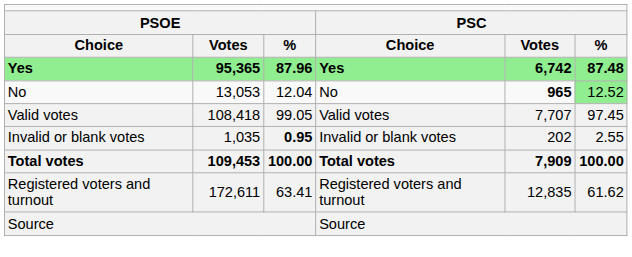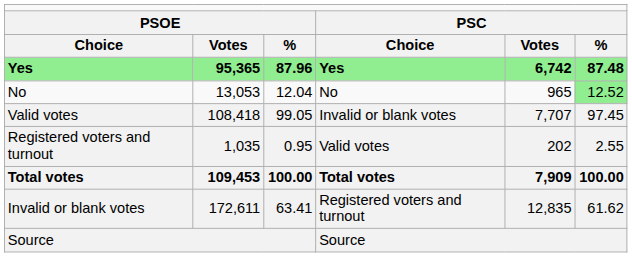 <table class="wikitable" style="text-align:right;">
 <tr>
 <td colspan="6" align="center"></td>
 </tr>
 <tr>
 <th colspan="3">PSOE</th>
 <th colspan="3">PSC</th>
 </tr>
 <tr>
 <th style="width:200px;">Choice</th>
 <th style="width:70px;">Votes</th>
 <th style="width:50px;">%</th>
 <th style="width:200px;">Choice</th>
 <th style="width:70px;">Votes</th>
 <th style="width:50px;">%</th>
 </tr>
 <tr style="background:lightgreen;">
 <td align="left"> <strong>Yes</strong></td>
 <td><strong>95,365</strong></td>
 <td><strong>87.96</strong></td>
 <td align="left"> <strong>Yes</strong></td>
 <td><strong>6,742</strong></td>
 <td><strong>87.48</strong></td>
 </tr>
 <tr>
 <td align="left">No</td>
 <td>13,053</td>
 <td>12.04</td>
 <td align="left">No</td>
-<td><strong>965</strong></td>
+<td>965</td>
 <td style="background: lightgreen;">12.52</td>
 </tr>
 <tr style="background-color:#F2F2F2">
 <td align="left">Valid votes</td>
 <td>108,418</td>
 <td>99.05</td>
-<td align="left">Valid votes</td>
+<td align="left">Invalid or blank votes</td>
 <td>7,707</td>
 <td>97.45</td>
 </tr>
 <tr style="background-color:#F2F2F2">
-<td align="left">Invalid or blank votes</td>
+<td align="left">Registered voters and turnout</td>
 <td>1,035</td>
-<td><strong>0.95</strong></td>
-<td align="left">Invalid or blank votes</td>
+<td>0.95</td>
+<td align="left">Valid votes</td>
 <td>202</td>
 <td>2.55</td>
 </tr>
 <tr style="background-color:#F2F2F2">
 <td align="left"><strong>Total votes</strong></td>
 <td><strong>109,453</strong></td>
 <td><strong>100.00</strong></td>
 <td align="left"><strong>Total votes</strong></td>
 <td><strong>7,909</strong></td>
 <td><strong>100.00</strong></td>
 </tr>
 <tr style="background-color:#F2F2F2">
-<td align="left">Registered voters and turnout</td>
+<td align="left">Invalid or blank votes</td>
 <td>172,611</td>
 <td>63.41</td>
 <td align="left">Registered voters and turnout</td>
 <td>12,835</td>
 <td>61.62</td>
 </tr>
 <tr style="background-color:#F2F2F2">
 <td colspan="3" align="left">Source</td>
 <td colspan="3" align="left">Source</td>
 </tr>
 </table>
